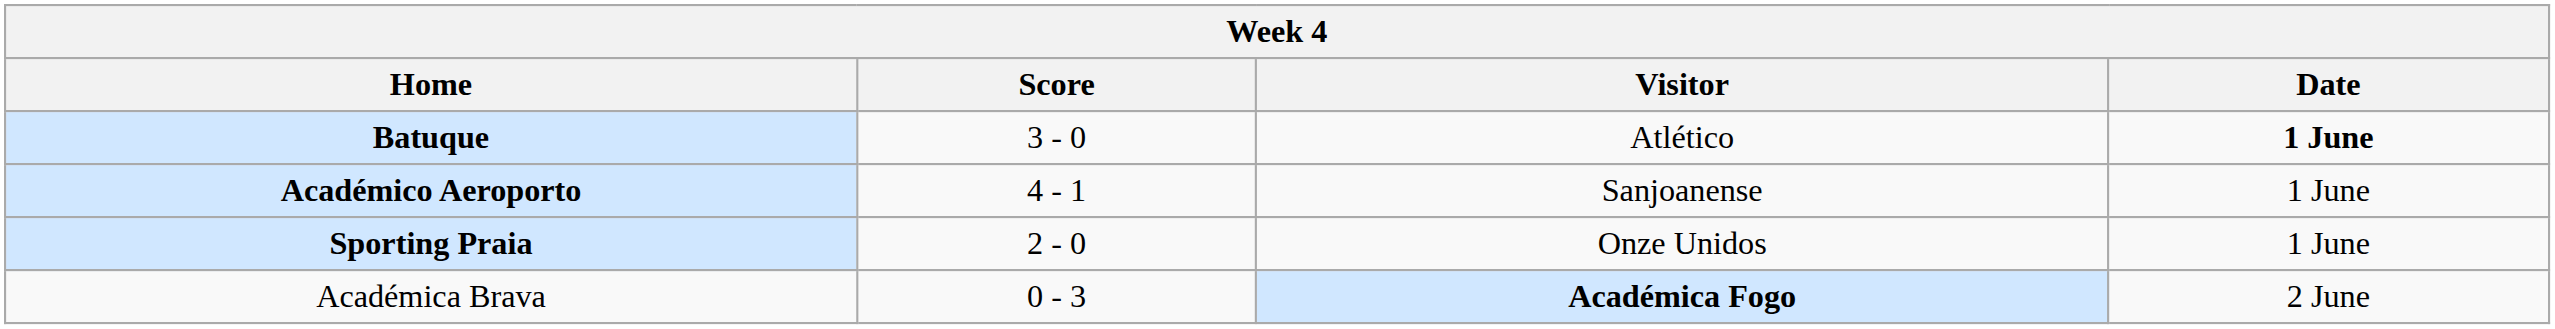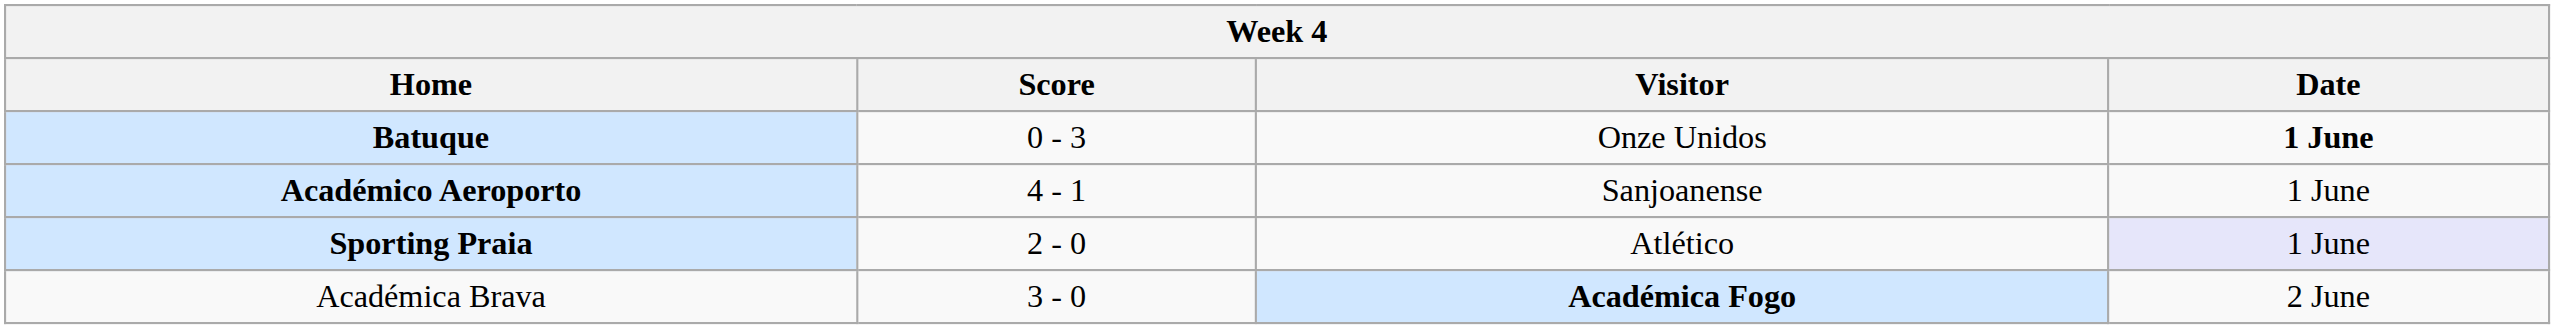 <table class="wikitable" style="font-size:95%; text-align: center; width: 95%;">
 <tr>
 <th colspan="12" style="with: 100%;" align=center>Week 4</th>
 </tr>
 <tr>
 <th width="200">Home</th>
 <th width="90">Score</th>
 <th width="200">Visitor</th>
 <th width="100">Date</th>
 </tr>
 <tr align=center>
 <td bgcolor=#D0E7FF><strong>Batuque</strong></td>
-<td>3 - 0</td>
-<td>Atlético</td>
+<td>0 - 3</td>
+<td>Onze Unidos</td>
 <td><strong>1 June</strong></td>
 </tr>
 <tr align=center>
 <td bgcolor=#D0E7FF><strong>Académico Aeroporto</strong></td>
 <td>4 - 1</td>
 <td>Sanjoanense</td>
 <td>1 June</td>
 </tr>
 <tr align=center>
 <td bgcolor=#D0E7FF><strong>Sporting Praia</strong></td>
 <td>2 - 0</td>
-<td>Onze Unidos</td>
-<td>1 June</td>
+<td>Atlético</td>
+<td style="background: lavender;">1 June</td>
 </tr>
 <tr align=center>
 <td>Académica Brava</td>
-<td>0 - 3</td>
+<td>3 - 0</td>
 <td bgcolor=#D0E7FF><strong>Académica Fogo</strong></td>
 <td>2 June</td>
 </tr>
 </table>
